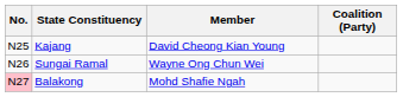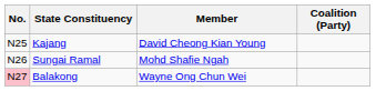 <table class="wikitable">
 <tr>
 <th width="30">No.</th>
 <th width="150">State Constituency</th>
 <th width="230">Member</th>
 <th width="100">Coalition (Party)</th>
 </tr>
 <tr>
 <td>N25</td>
 <td><a href='#'>Kajang</a></td>
 <td><a href='#'>David Cheong Kian Young</a></td>
 <td></td>
 </tr>
 <tr>
 <td>N26</td>
 <td><a href='#'>Sungai Ramal</a></td>
-<td><a href='#'>Wayne Ong Chun Wei</a></td>
+<td><a href='#'>Mohd Shafie Ngah</a></td>
 <td></td>
 </tr>
 <tr>
 <td style="background: pink;">N27</td>
 <td><a href='#'>Balakong</a></td>
-<td><a href='#'>Mohd Shafie Ngah</a></td>
+<td><a href='#'>Wayne Ong Chun Wei</a></td>
 <td></td>
 </tr>
 </table>
